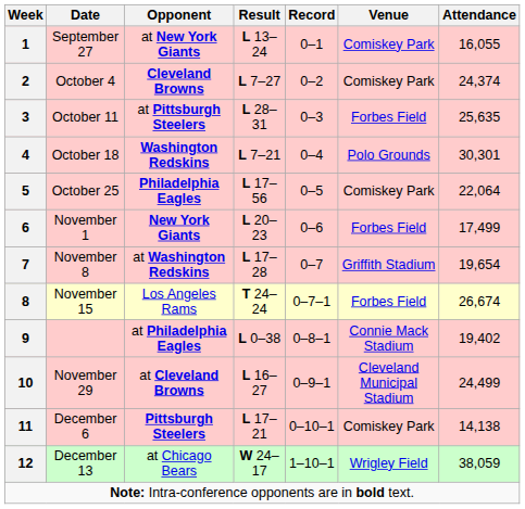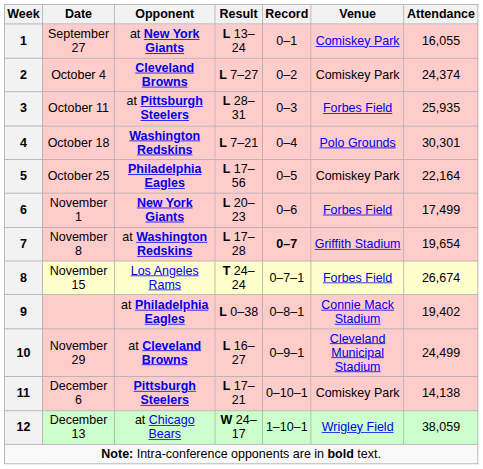 <table class="wikitable" style="text-align:center">
 <tr>
 <th>Week</th>
 <th>Date</th>
 <th>Opponent</th>
 <th>Result</th>
 <th>Record</th>
 <th>Venue</th>
 <th>Attendance</th>
 </tr>
 <tr style="background:#fcc">
 <th>1</th>
 <td>September 27</td>
 <td>at <strong><a href='#'>New York Giants</a></strong></td>
 <td><strong>L</strong> 13–24</td>
 <td>0–1</td>
 <td><a href='#'>Comiskey Park</a></td>
 <td>16,055</td>
 </tr>
 <tr style="background:#fcc">
 <th>2</th>
 <td>October 4</td>
 <td><strong><a href='#'>Cleveland Browns</a></strong></td>
 <td><strong>L</strong> 7–27</td>
 <td>0–2</td>
 <td>Comiskey Park</td>
 <td>24,374</td>
 </tr>
 <tr style="background:#fcc">
 <th>3</th>
 <td>October 11</td>
 <td>at <strong><a href='#'>Pittsburgh Steelers</a></strong></td>
 <td><strong>L</strong> 28–31</td>
 <td>0–3</td>
 <td><a href='#'>Forbes Field</a></td>
-<td>25,635</td>
+<td>25,935</td>
 </tr>
 <tr style="background:#fcc">
 <th>4</th>
 <td>October 18</td>
 <td><strong><a href='#'>Washington Redskins</a></strong></td>
 <td><strong>L</strong> 7–21</td>
 <td>0–4</td>
 <td><a href='#'>Polo Grounds</a></td>
 <td>30,301</td>
 </tr>
 <tr style="background:#fcc">
 <th>5</th>
 <td>October 25</td>
 <td><strong><a href='#'>Philadelphia Eagles</a></strong></td>
 <td><strong>L</strong> 17–56</td>
 <td>0–5</td>
 <td>Comiskey Park</td>
-<td>22,064</td>
+<td>22,164</td>
 </tr>
 <tr style="background:#fcc">
 <th>6</th>
 <td>November 1</td>
 <td><strong><a href='#'>New York Giants</a></strong></td>
 <td><strong>L</strong> 20–23</td>
 <td>0–6</td>
 <td><a href='#'>Forbes Field</a></td>
 <td>17,499</td>
 </tr>
 <tr style="background:#fcc">
 <th>7</th>
 <td>November 8</td>
 <td>at <strong><a href='#'>Washington Redskins</a></strong></td>
 <td><strong>L</strong> 17–28</td>
-<td>0–7</td>
+<td><strong>0–7</strong></td>
 <td><a href='#'>Griffith Stadium</a></td>
 <td>19,654</td>
 </tr>
 <tr style="background:#ffc">
 <th>8</th>
 <td>November 15</td>
 <td><a href='#'>Los Angeles Rams</a></td>
 <td><strong>T</strong> 24–24</td>
 <td>0–7–1</td>
 <td><a href='#'>Forbes Field</a></td>
 <td>26,674</td>
 </tr>
 <tr style="background:#fcc">
 <th>9</th>
 <td></td>
 <td>at <strong><a href='#'>Philadelphia Eagles</a></strong></td>
 <td><strong>L</strong> 0–38</td>
 <td>0–8–1</td>
 <td><a href='#'>Connie Mack Stadium</a></td>
 <td>19,402</td>
 </tr>
 <tr style="background:#fcc">
 <th>10</th>
 <td>November 29</td>
 <td>at <strong><a href='#'>Cleveland Browns</a></strong></td>
 <td><strong>L</strong> 16–27</td>
 <td>0–9–1</td>
 <td><a href='#'>Cleveland Municipal Stadium</a></td>
 <td>24,499</td>
 </tr>
 <tr style="background:#fcc">
 <th>11</th>
 <td>December 6</td>
 <td><strong><a href='#'>Pittsburgh Steelers</a></strong></td>
 <td><strong>L</strong> 17–21</td>
 <td>0–10–1</td>
 <td>Comiskey Park</td>
 <td>14,138</td>
 </tr>
 <tr style="background:#cfc">
 <th>12</th>
 <td>December 13</td>
 <td>at <a href='#'>Chicago Bears</a></td>
 <td><strong>W</strong> 24–17</td>
 <td>1–10–1</td>
 <td><a href='#'>Wrigley Field</a></td>
 <td>38,059</td>
 </tr>
 <tr>
 <td colspan="8"><strong>Note:</strong> Intra-conference opponents are in <strong>bold</strong> text.</td>
 </tr>
 </table>
